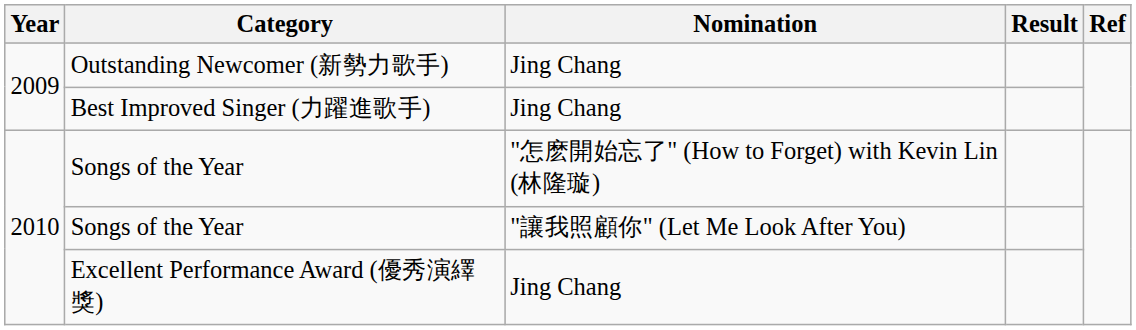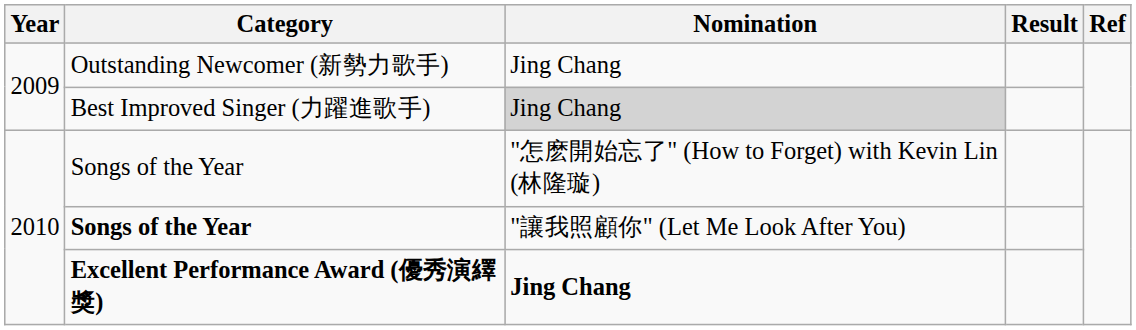 <table class="wikitable">
 <tr>
 <th>Year</th>
 <th width="280">Category</th>
 <th width="320">Nomination</th>
 <th>Result</th>
 <th>Ref</th>
 </tr>
 <tr>
 <td rowspan="2">2009</td>
 <td>Outstanding Newcomer (新勢力歌手)</td>
 <td>Jing Chang</td>
 <td></td>
 <td rowspan="2" align="center"></td>
 </tr>
 <tr>
 <td>Best Improved Singer (力躍進歌手)</td>
-<td>Jing Chang</td>
+<td style="background: lightgrey;">Jing Chang</td>
 <td></td>
 </tr>
 <tr>
 <td rowspan="3">2010</td>
 <td>Songs of the Year</td>
 <td>"怎麽開始忘了" (How to Forget) with Kevin Lin (林隆璇)</td>
 <td></td>
 <td rowspan="3" align="center"></td>
 </tr>
 <tr>
-<td>Songs of the Year</td>
+<td><strong>Songs of the Year</strong></td>
 <td>"讓我照顧你" (Let Me Look After You)</td>
 <td></td>
 </tr>
 <tr>
-<td>Excellent Performance Award (優秀演繹獎)</td>
-<td>Jing Chang</td>
+<td><strong>Excellent Performance Award (優秀演繹獎)</strong></td>
+<td><strong>Jing Chang</strong></td>
 <td></td>
 </tr>
 </table>
